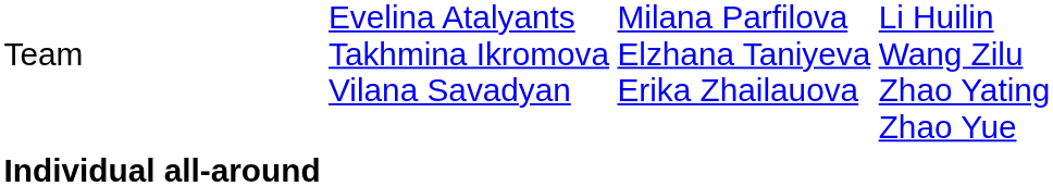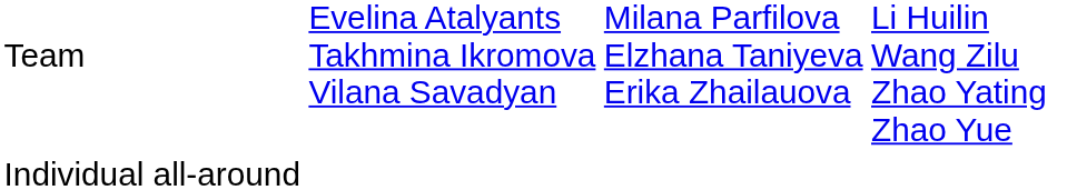 <table>
 <tr>
 <td>Team<br></td>
 <td valign=top><br><a href='#'>Evelina Atalyants</a><br><a href='#'>Takhmina Ikromova</a><br><a href='#'>Vilana Savadyan</a></td>
 <td valign=top><br><a href='#'>Milana Parfilova</a><br><a href='#'>Elzhana Taniyeva</a><br><a href='#'>Erika Zhailauova</a></td>
 <td><br><a href='#'>Li Huilin</a><br><a href='#'>Wang Zilu</a><br><a href='#'>Zhao Yating</a><br><a href='#'>Zhao Yue</a></td>
 </tr>
 <tr>
-<td><strong>Individual all-around<br></strong></td>
+<td>Individual all-around<br></td>
 <td></td>
 <td></td>
 <td></td>
 </tr>
 </table>
